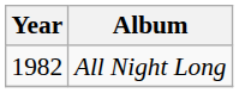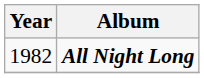 <table class="wikitable" style=text-align:center;>
 <tr>
 <th>Year</th>
 <th>Album</th>
 </tr>
 <tr>
 <td rowspan="1">1982</td>
-<td align=left><em>All Night Long</em></td>
+<td align=left><strong><em>All Night Long</em></strong></td>
 </tr>
 <tr>
 </tr>
 </table>
